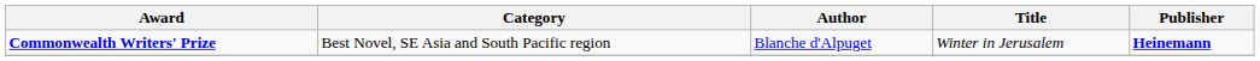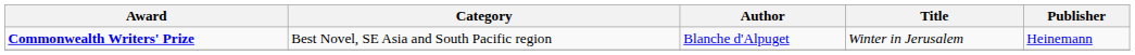 <table class="wikitable" width=100%>
 <tr>
 <th>Award</th>
 <th>Category</th>
 <th>Author</th>
 <th>Title</th>
 <th>Publisher</th>
 </tr>
 <tr>
 <td><strong><a href='#'>Commonwealth Writers' Prize</a></strong></td>
 <td>Best Novel, SE Asia and South Pacific region</td>
 <td><a href='#'>Blanche d'Alpuget</a></td>
 <td><em>Winter in Jerusalem</em></td>
-<td><strong><a href='#'>Heinemann</a></strong></td>
+<td><a href='#'>Heinemann</a></td>
 </tr>
 <tr>
 </tr>
 </table>
